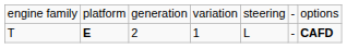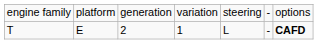 <table class="wikitable">
 <tr>
 <td>engine family</td>
 <td>platform</td>
 <td>generation</td>
 <td>variation</td>
 <td>steering</td>
 <td>-</td>
 <td>options</td>
 </tr>
 <tr>
 <td>T</td>
-<td><strong>E</strong></td>
+<td>E</td>
 <td>2</td>
 <td>1</td>
 <td>L</td>
 <td>-</td>
 <td><strong>CAFD</strong></td>
 </tr>
 </table>
